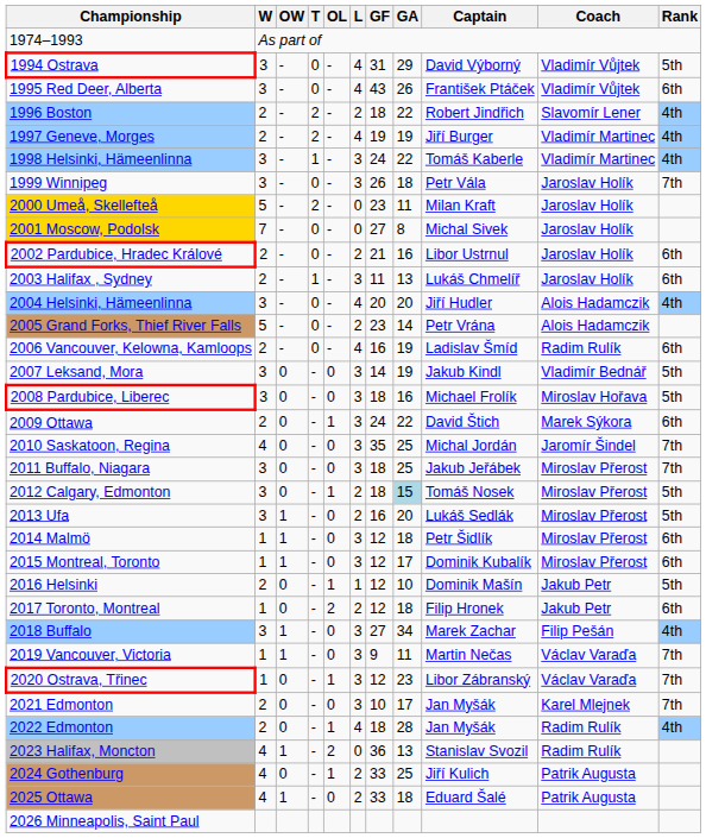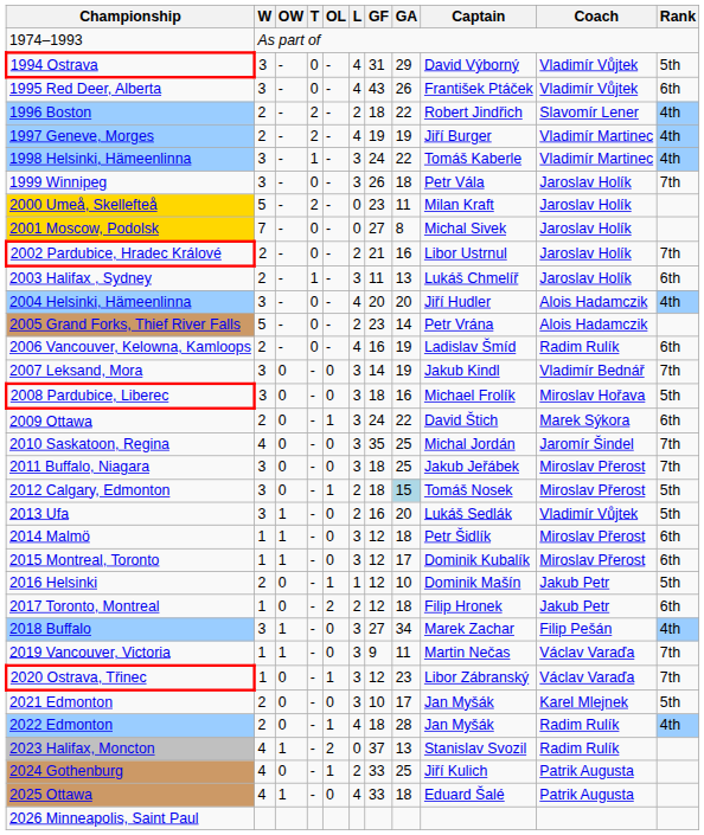 <table class="wikitable" border="1">
 <tr>
 <th>Championship</th>
 <th>W</th>
 <th>OW</th>
 <th>T</th>
 <th>OL</th>
 <th>L</th>
 <th>GF</th>
 <th>GA</th>
 <th>Captain</th>
 <th>Coach</th>
 <th>Rank</th>
 </tr>
 <tr>
 <td>1974–1993</td>
 <td colspan=13><em>As part of </em></td>
 </tr>
 <tr>
 <td style="border:3px solid red;"> <a href='#'>1994 Ostrava</a></td>
 <td>3</td>
 <td>-</td>
 <td>0</td>
 <td>-</td>
 <td>4</td>
 <td>31</td>
 <td>29</td>
 <td><a href='#'>David Výborný</a></td>
 <td><a href='#'>Vladimír Vůjtek</a></td>
 <td>5th</td>
 </tr>
 <tr>
 <td> <a href='#'>1995 Red Deer, Alberta</a></td>
 <td>3</td>
 <td>-</td>
 <td>0</td>
 <td>-</td>
 <td>4</td>
 <td>43</td>
 <td>26</td>
 <td><a href='#'>František Ptáček</a></td>
 <td><a href='#'>Vladimír Vůjtek</a></td>
 <td>6th</td>
 </tr>
 <tr>
 <td style="background:#9acdff;"> <a href='#'>1996 Boston</a></td>
 <td>2</td>
 <td>-</td>
 <td>2</td>
 <td>-</td>
 <td>2</td>
 <td>18</td>
 <td>22</td>
 <td><a href='#'>Robert Jindřich</a></td>
 <td><a href='#'>Slavomír Lener</a></td>
 <td style="background:#9acdff;">4th</td>
 </tr>
 <tr>
 <td style="background:#9acdff;"> <a href='#'>1997 Geneve, Morges</a></td>
 <td>2</td>
 <td>-</td>
 <td>2</td>
 <td>-</td>
 <td>4</td>
 <td>19</td>
 <td>19</td>
 <td><a href='#'>Jiří Burger</a></td>
 <td><a href='#'>Vladimír Martinec</a></td>
 <td style="background:#9acdff;">4th</td>
 </tr>
 <tr>
 <td style="background:#9acdff;"> <a href='#'>1998 Helsinki, Hämeenlinna</a></td>
 <td>3</td>
 <td>-</td>
 <td>1</td>
 <td>-</td>
 <td>3</td>
 <td>24</td>
 <td>22</td>
 <td><a href='#'>Tomáš Kaberle</a></td>
 <td><a href='#'>Vladimír Martinec</a></td>
 <td style="background:#9acdff;">4th</td>
 </tr>
 <tr>
 <td> <a href='#'>1999 Winnipeg</a></td>
 <td>3</td>
 <td>-</td>
 <td>0</td>
 <td>-</td>
 <td>3</td>
 <td>26</td>
 <td>18</td>
 <td><a href='#'>Petr Vála</a></td>
 <td><a href='#'>Jaroslav Holík</a></td>
 <td>7th</td>
 </tr>
 <tr>
 <td bgcolor=gold> <a href='#'>2000 Umeå, Skellefteå</a></td>
 <td>5</td>
 <td>-</td>
 <td>2</td>
 <td>-</td>
 <td>0</td>
 <td>23</td>
 <td>11</td>
 <td><a href='#'>Milan Kraft</a></td>
 <td><a href='#'>Jaroslav Holík</a></td>
 <td></td>
 </tr>
 <tr>
 <td bgcolor=gold> <a href='#'>2001 Moscow, Podolsk</a></td>
 <td>7</td>
 <td>-</td>
 <td>0</td>
 <td>-</td>
 <td>0</td>
 <td>27</td>
 <td>8</td>
 <td><a href='#'>Michal Sivek</a></td>
 <td><a href='#'>Jaroslav Holík</a></td>
 <td></td>
 </tr>
 <tr>
 <td style="border:3px solid red;"> <a href='#'>2002 Pardubice, Hradec Králové</a></td>
 <td>2</td>
 <td>-</td>
 <td>0</td>
 <td>-</td>
 <td>2</td>
 <td>21</td>
 <td>16</td>
 <td><a href='#'>Libor Ustrnul</a></td>
 <td><a href='#'>Jaroslav Holík</a></td>
-<td>6th</td>
+<td>7th</td>
 </tr>
 <tr>
 <td> <a href='#'>2003 Halifax , Sydney</a></td>
 <td>2</td>
 <td>-</td>
 <td>1</td>
 <td>-</td>
 <td>3</td>
 <td>11</td>
 <td>13</td>
 <td><a href='#'>Lukáš Chmelíř</a></td>
 <td><a href='#'>Jaroslav Holík</a></td>
 <td>6th</td>
 </tr>
 <tr>
 <td style="background:#9acdff;"> <a href='#'>2004 Helsinki, Hämeenlinna</a></td>
 <td>3</td>
 <td>-</td>
 <td>0</td>
 <td>-</td>
 <td>4</td>
 <td>20</td>
 <td>20</td>
 <td><a href='#'>Jiří Hudler</a></td>
 <td><a href='#'>Alois Hadamczik</a></td>
 <td style="background:#9acdff;">4th</td>
 </tr>
 <tr>
 <td style="background:#c96;"> <a href='#'>2005 Grand Forks, Thief River Falls</a></td>
 <td>5</td>
 <td>-</td>
 <td>0</td>
 <td>-</td>
 <td>2</td>
 <td>23</td>
 <td>14</td>
 <td><a href='#'>Petr Vrána</a></td>
 <td><a href='#'>Alois Hadamczik</a></td>
 <td></td>
 </tr>
 <tr>
 <td> <a href='#'>2006 Vancouver, Kelowna, Kamloops</a></td>
 <td>2</td>
 <td>-</td>
 <td>0</td>
 <td>-</td>
 <td>4</td>
 <td>16</td>
 <td>19</td>
 <td><a href='#'>Ladislav Šmíd</a></td>
 <td><a href='#'>Radim Rulík</a></td>
 <td>6th</td>
 </tr>
 <tr>
 <td> <a href='#'>2007 Leksand, Mora</a></td>
 <td>3</td>
 <td>0</td>
 <td>-</td>
 <td>0</td>
 <td>3</td>
 <td>14</td>
 <td>19</td>
 <td><a href='#'>Jakub Kindl</a></td>
 <td><a href='#'>Vladimír Bednář</a></td>
-<td>5th</td>
+<td>7th</td>
 </tr>
 <tr>
 <td style="border:3px solid red;"> <a href='#'>2008 Pardubice, Liberec</a></td>
 <td>3</td>
 <td>0</td>
 <td>-</td>
 <td>0</td>
 <td>3</td>
 <td>18</td>
 <td>16</td>
 <td><a href='#'>Michael Frolík</a></td>
 <td><a href='#'>Miroslav Hořava</a></td>
 <td>5th</td>
 </tr>
 <tr>
 <td> <a href='#'>2009 Ottawa</a></td>
 <td>2</td>
 <td>0</td>
 <td>-</td>
 <td>1</td>
 <td>3</td>
 <td>24</td>
 <td>22</td>
 <td><a href='#'>David Štich</a></td>
 <td><a href='#'>Marek Sýkora</a></td>
 <td>6th</td>
 </tr>
 <tr>
 <td> <a href='#'>2010 Saskatoon, Regina</a></td>
 <td>4</td>
 <td>0</td>
 <td>-</td>
 <td>0</td>
 <td>3</td>
 <td>35</td>
 <td>25</td>
 <td><a href='#'>Michal Jordán</a></td>
 <td><a href='#'>Jaromír Šindel</a></td>
 <td>7th</td>
 </tr>
 <tr>
 <td> <a href='#'>2011 Buffalo, Niagara</a></td>
 <td>3</td>
 <td>0</td>
 <td>-</td>
 <td>0</td>
 <td>3</td>
 <td>18</td>
 <td>25</td>
 <td><a href='#'>Jakub Jeřábek</a></td>
 <td><a href='#'>Miroslav Přerost</a></td>
 <td>7th</td>
 </tr>
 <tr>
 <td> <a href='#'>2012 Calgary, Edmonton</a></td>
 <td>3</td>
 <td>0</td>
 <td>-</td>
 <td>1</td>
 <td>2</td>
 <td>18</td>
 <td style="background: lightblue;">15</td>
 <td><a href='#'>Tomáš Nosek</a></td>
 <td><a href='#'>Miroslav Přerost</a></td>
 <td>5th</td>
 </tr>
 <tr>
 <td> <a href='#'>2013 Ufa</a></td>
 <td>3</td>
 <td>1</td>
 <td>-</td>
 <td>0</td>
 <td>2</td>
 <td>16</td>
 <td>20</td>
 <td><a href='#'>Lukáš Sedlák</a></td>
-<td><a href='#'>Miroslav Přerost</a></td>
+<td><a href='#'>Vladimír Vůjtek</a></td>
 <td>5th</td>
 </tr>
 <tr>
 <td> <a href='#'>2014 Malmö</a></td>
 <td>1</td>
 <td>1</td>
 <td>-</td>
 <td>0</td>
 <td>3</td>
 <td>12</td>
 <td>18</td>
 <td><a href='#'>Petr Šidlík</a></td>
 <td><a href='#'>Miroslav Přerost</a></td>
 <td>6th</td>
 </tr>
 <tr>
 <td> <a href='#'>2015 Montreal, Toronto</a></td>
 <td>1</td>
 <td>1</td>
 <td>-</td>
 <td>0</td>
 <td>3</td>
 <td>12</td>
 <td>17</td>
 <td><a href='#'>Dominik Kubalík</a></td>
 <td><a href='#'>Miroslav Přerost</a></td>
 <td>6th</td>
 </tr>
 <tr>
 <td> <a href='#'>2016 Helsinki</a></td>
 <td>2</td>
 <td>0</td>
 <td>-</td>
 <td>1</td>
 <td>1</td>
 <td>12</td>
 <td>10</td>
 <td><a href='#'>Dominik Mašín</a></td>
 <td><a href='#'>Jakub Petr</a></td>
 <td>5th</td>
 </tr>
 <tr>
 <td> <a href='#'>2017 Toronto, Montreal</a></td>
 <td>1</td>
 <td>0</td>
 <td>-</td>
 <td>2</td>
 <td>2</td>
 <td>12</td>
 <td>18</td>
 <td><a href='#'>Filip Hronek</a></td>
 <td><a href='#'>Jakub Petr</a></td>
 <td>6th</td>
 </tr>
 <tr>
 <td style="background:#9acdff;"> <a href='#'>2018 Buffalo</a></td>
 <td>3</td>
 <td>1</td>
 <td>-</td>
 <td>0</td>
 <td>3</td>
 <td>27</td>
 <td>34</td>
 <td><a href='#'>Marek Zachar</a></td>
 <td><a href='#'>Filip Pešán</a></td>
 <td style="background:#9acdff;">4th</td>
 </tr>
 <tr>
 <td> <a href='#'>2019 Vancouver, Victoria</a></td>
 <td>1</td>
 <td>1</td>
 <td>-</td>
 <td>0</td>
 <td>3</td>
 <td>9</td>
 <td>11</td>
 <td><a href='#'>Martin Nečas</a></td>
 <td><a href='#'>Václav Varaďa</a></td>
 <td>7th</td>
 </tr>
 <tr>
 <td style="border:3px solid red;"> <a href='#'>2020 Ostrava, Třinec</a></td>
 <td>1</td>
 <td>0</td>
 <td>-</td>
 <td>1</td>
 <td>3</td>
 <td>12</td>
 <td>23</td>
 <td><a href='#'>Libor Zábranský</a></td>
 <td><a href='#'>Václav Varaďa</a></td>
 <td>7th</td>
 </tr>
 <tr>
 <td> <a href='#'>2021 Edmonton</a></td>
 <td>2</td>
 <td>0</td>
 <td>-</td>
 <td>0</td>
 <td>3</td>
 <td>10</td>
 <td>17</td>
 <td><a href='#'>Jan Myšák</a></td>
 <td><a href='#'>Karel Mlejnek</a></td>
-<td>7th</td>
+<td>5th</td>
 </tr>
 <tr>
 <td style="background:#9acdff;"> <a href='#'>2022 Edmonton</a></td>
 <td>2</td>
 <td>0</td>
 <td>-</td>
 <td>1</td>
 <td>4</td>
 <td>18</td>
 <td>28</td>
 <td><a href='#'>Jan Myšák</a></td>
 <td><a href='#'>Radim Rulík</a></td>
 <td style="background:#9acdff;">4th</td>
 </tr>
 <tr>
 <td style="background:silver;"> <a href='#'>2023 Halifax, Moncton</a></td>
 <td>4</td>
 <td>1</td>
 <td>-</td>
 <td>2</td>
 <td>0</td>
-<td>36</td>
+<td>37</td>
 <td>13</td>
 <td><a href='#'>Stanislav Svozil</a></td>
 <td><a href='#'>Radim Rulík</a></td>
 <td></td>
 </tr>
 <tr>
 <td style="background:#c96;"> <a href='#'>2024 Gothenburg</a></td>
 <td>4</td>
 <td>0</td>
 <td>-</td>
 <td>1</td>
 <td>2</td>
 <td>33</td>
 <td>25</td>
 <td><a href='#'>Jiří Kulich</a></td>
 <td><a href='#'>Patrik Augusta</a></td>
 <td></td>
 </tr>
 <tr>
 <td style="background:#c96;"> <a href='#'>2025 Ottawa</a></td>
 <td>4</td>
 <td>1</td>
 <td>-</td>
 <td>0</td>
-<td>2</td>
+<td>4</td>
 <td>33</td>
 <td>18</td>
 <td><a href='#'>Eduard Šalé</a></td>
 <td><a href='#'>Patrik Augusta</a></td>
 <td></td>
 </tr>
 <tr>
 <td> <a href='#'>2026 Minneapolis, Saint Paul</a></td>
 <td></td>
 <td></td>
 <td></td>
 <td></td>
 <td></td>
 <td></td>
 <td></td>
 <td></td>
 <td></td>
 </tr>
 </table>
